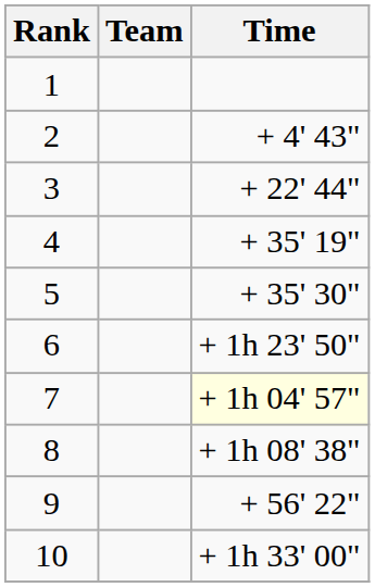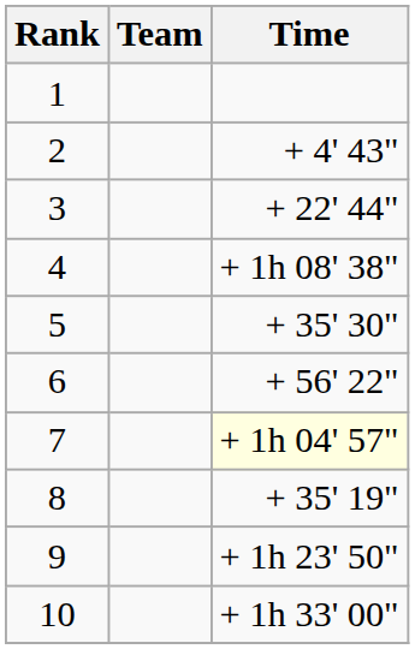 <table class="wikitable plainrowheaders">
 <tr>
 <th scope="col">Rank</th>
 <th scope="col">Team</th>
 <th scope="col">Time</th>
 </tr>
 <tr>
 <td style="text-align:center;">1</td>
 <td> </td>
 <td style="text-align:right;"></td>
 </tr>
 <tr>
 <td style="text-align:center;">2</td>
 <td> </td>
 <td style="text-align:right;">+ 4' 43"</td>
 </tr>
 <tr>
 <td style="text-align:center;">3</td>
 <td> </td>
 <td style="text-align:right;">+ 22' 44"</td>
 </tr>
 <tr>
 <td style="text-align:center;">4</td>
 <td> </td>
-<td style="text-align:right;">+ 35' 19"</td>
+<td style="text-align:right;">+ 1h 08' 38"</td>
 </tr>
 <tr>
 <td style="text-align:center;">5</td>
 <td> </td>
 <td style="text-align:right;">+ 35' 30"</td>
 </tr>
 <tr>
 <td style="text-align:center;">6</td>
 <td> </td>
-<td style="text-align:right;">+ 1h 23' 50"</td>
+<td style="text-align:right;">+ 56' 22"</td>
 </tr>
 <tr>
 <td style="text-align:center;">7</td>
 <td> </td>
 <td style="background: lightyellow; text-align:right;">+ 1h 04' 57"</td>
 </tr>
 <tr>
 <td style="text-align:center;">8</td>
 <td> </td>
-<td style="text-align:right;">+ 1h 08' 38"</td>
+<td style="text-align:right;">+ 35' 19"</td>
 </tr>
 <tr>
 <td style="text-align:center;">9</td>
 <td> </td>
-<td style="text-align:right;">+ 56' 22"</td>
+<td style="text-align:right;">+ 1h 23' 50"</td>
 </tr>
 <tr>
 <td style="text-align:center;">10</td>
 <td> </td>
 <td style="text-align:right;">+ 1h 33' 00"</td>
 </tr>
 <tr>
 </tr>
 </table>
